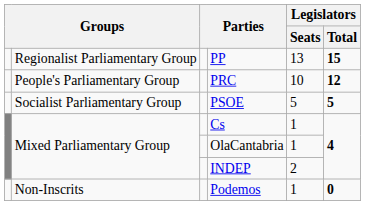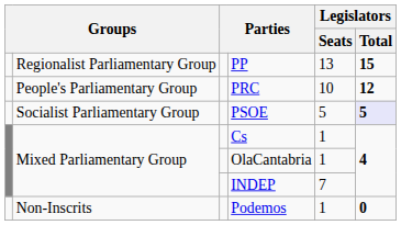 <table class="wikitable" style="text-align:left;">
 <tr>
 <th rowspan="2" colspan="2">Groups</th>
 <th rowspan="2" colspan="2">Parties</th>
 <th colspan="2">Legislators</th>
 </tr>
 <tr>
 <th>Seats</th>
 <th>Total</th>
 </tr>
 <tr>
 <td width="1" style="color:inherit;background:"></td>
 <td>Regionalist Parliamentary Group</td>
 <td width="1" style="color:inherit;background:"></td>
 <td><a href='#'>PP</a></td>
 <td>13</td>
 <td><strong>15</strong></td>
 </tr>
 <tr>
 <td style="color:inherit;background:"></td>
 <td>People's Parliamentary Group</td>
 <td style="color:inherit;background:"></td>
 <td><a href='#'>PRC</a></td>
 <td>10</td>
 <td><strong>12</strong></td>
 </tr>
 <tr>
 <td style="color:inherit;background:"></td>
 <td>Socialist Parliamentary Group</td>
 <td style="color:inherit;background:"></td>
 <td><a href='#'>PSOE</a></td>
 <td>5</td>
-<td><strong>5</strong></td>
+<td style="background: lavender;"><strong>5</strong></td>
 </tr>
 <tr>
 <td rowspan="3" bgcolor="gray"></td>
 <td rowspan="3">Mixed Parliamentary Group</td>
 <td style="color:inherit;background:"></td>
 <td><a href='#'>Cs</a></td>
 <td>1</td>
 <td rowspan="3"><strong>4</strong></td>
 </tr>
 <tr>
 <td style="color:inherit;background:"></td>
 <td>OlaCantabria</td>
 <td>1</td>
 </tr>
 <tr>
 <td style="color:inherit;background:"></td>
 <td><a href='#'>INDEP</a></td>
-<td>2</td>
+<td>7</td>
 </tr>
 <tr>
 <td style="color:inherit;background:"></td>
 <td>Non-Inscrits</td>
 <td style="color:inherit;background:"></td>
 <td><a href='#'>Podemos</a></td>
 <td>1</td>
 <td><strong>0</strong></td>
 </tr>
 </table>
